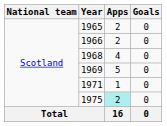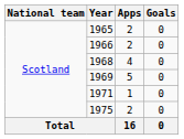 <table class=wikitable style="text-align: center;">
 <tr>
 <th>National team</th>
 <th>Year</th>
 <th>Apps</th>
 <th>Goals</th>
 </tr>
 <tr>
 <td rowspan="6"><a href='#'>Scotland</a></td>
 <td>1965</td>
 <td>2</td>
 <td>0</td>
 </tr>
 <tr>
 <td>1966</td>
 <td>2</td>
 <td>0</td>
 </tr>
 <tr>
 <td>1968</td>
 <td>4</td>
 <td>0</td>
 </tr>
 <tr>
 <td>1969</td>
 <td>5</td>
 <td>0</td>
 </tr>
 <tr>
 <td>1971</td>
 <td>1</td>
 <td>0</td>
 </tr>
 <tr>
 <td>1975</td>
-<td style="background: paleturquoise;">2</td>
+<td>2</td>
 <td>0</td>
 </tr>
 <tr>
 <th colspan=2>Total</th>
 <th>16</th>
 <th>0</th>
 </tr>
 </table>
